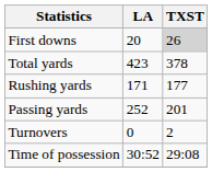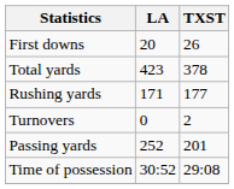 <table class="wikitable" style="float: left;">
 <tr>
 <th>Statistics</th>
 <th>LA</th>
 <th>TXST</th>
 </tr>
 <tr>
 <td>First downs</td>
 <td>20</td>
-<td style="background: lightgrey;">26</td>
+<td>26</td>
 </tr>
 <tr>
 <td>Total yards</td>
 <td>423</td>
 <td>378</td>
 </tr>
 <tr>
 <td>Rushing yards</td>
 <td>171</td>
 <td>177</td>
 </tr>
 <tr>
+<td>Turnovers</td>
+<td>0</td>
+<td>2</td>
+</tr>
+<tr>
 <td>Passing yards</td>
 <td>252</td>
 <td>201</td>
-</tr>
-<tr>
-<td>Turnovers</td>
-<td>0</td>
-<td>2</td>
 </tr>
 <tr>
 <td>Time of possession</td>
 <td>30:52</td>
 <td>29:08</td>
 </tr>
 <tr>
 </tr>
 </table>
